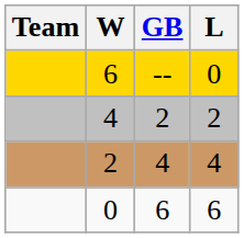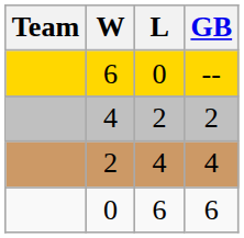 <table class="wikitable" style="text-align:center;">
 <tr>
 <th>Team</th>
 <th width=20px>W</th>
+<th width=20px>L</th>
 <th width=20px><a href='#'>GB</a></th>
-<th width=20px>L</th>
 </tr>
 <tr bgcolor=gold>
 <td align="left"></td>
 <td>6</td>
+<td>0</td>
 <td>--</td>
-<td>0</td>
 </tr>
 <tr bgcolor=silver>
 <td align="left"></td>
 <td>4</td>
 <td>2</td>
 <td>2</td>
 </tr>
 <tr bgcolor="CC9966">
 <td align="left"></td>
 <td>2</td>
 <td>4</td>
 <td>4</td>
 </tr>
 <tr>
 <td align="left"></td>
 <td>0</td>
 <td>6</td>
 <td>6</td>
 </tr>
 </table>
